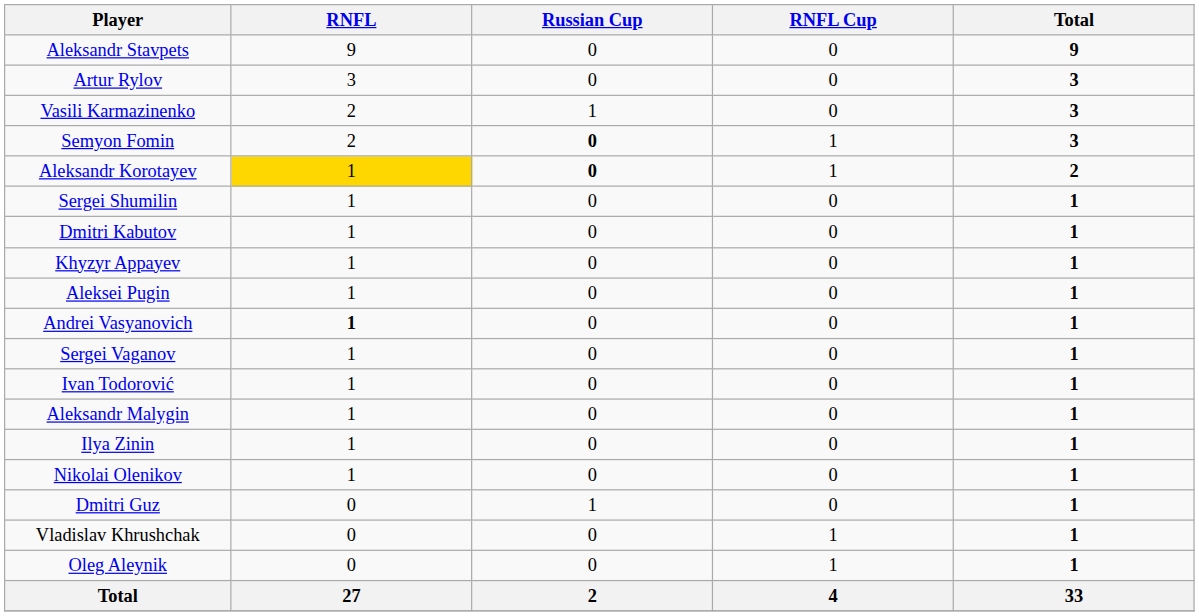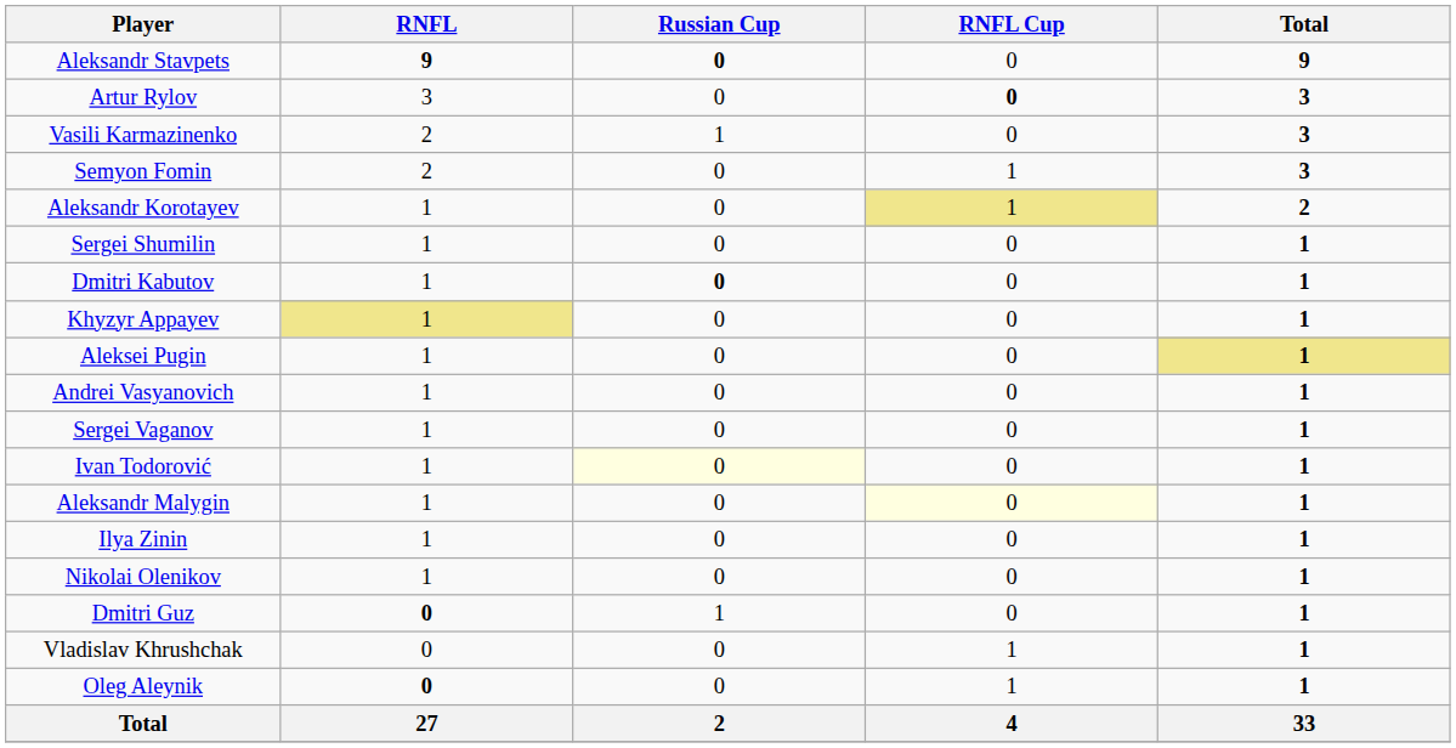 <table class="wikitable sortable" style="text-align:center; font-size:95%">
 <tr>
 <th width=180px>Player</th>
 <th width=192px><a href='#'>RNFL</a></th>
 <th width=192px><a href='#'>Russian Cup</a></th>
 <th width=192px><a href='#'>RNFL Cup</a></th>
 <th width=192px>Total</th>
 </tr>
 <tr>
 <td><a href='#'>Aleksandr Stavpets</a></td>
-<td>9</td>
-<td>0</td>
+<td><strong>9</strong></td>
+<td><strong>0</strong></td>
 <td>0</td>
 <td><strong>9</strong></td>
 </tr>
 <tr>
 <td><a href='#'>Artur Rylov</a></td>
 <td>3</td>
 <td>0</td>
-<td>0</td>
+<td><strong>0</strong></td>
 <td><strong>3</strong></td>
 </tr>
 <tr>
 <td><a href='#'>Vasili Karmazinenko</a></td>
 <td>2</td>
 <td>1</td>
 <td>0</td>
 <td><strong>3</strong></td>
 </tr>
 <tr>
 <td><a href='#'>Semyon Fomin</a></td>
 <td>2</td>
-<td><strong>0</strong></td>
+<td>0</td>
 <td>1</td>
 <td><strong>3</strong></td>
 </tr>
 <tr>
 <td><a href='#'>Aleksandr Korotayev</a></td>
-<td style="background: gold;">1</td>
-<td><strong>0</strong></td>
 <td>1</td>
+<td>0</td>
+<td style="background: khaki;">1</td>
 <td><strong>2</strong></td>
 </tr>
 <tr>
 <td><a href='#'>Sergei Shumilin</a></td>
 <td>1</td>
 <td>0</td>
 <td>0</td>
 <td><strong>1</strong></td>
 </tr>
 <tr>
 <td><a href='#'>Dmitri Kabutov</a></td>
 <td>1</td>
-<td>0</td>
+<td><strong>0</strong></td>
 <td>0</td>
 <td><strong>1</strong></td>
 </tr>
 <tr>
 <td><a href='#'>Khyzyr Appayev</a></td>
-<td>1</td>
+<td style="background: khaki;">1</td>
 <td>0</td>
 <td>0</td>
 <td><strong>1</strong></td>
 </tr>
 <tr>
 <td><a href='#'>Aleksei Pugin</a></td>
 <td>1</td>
 <td>0</td>
 <td>0</td>
-<td><strong>1</strong></td>
+<td style="background: khaki;"><strong>1</strong></td>
 </tr>
 <tr>
 <td><a href='#'>Andrei Vasyanovich</a></td>
-<td><strong>1</strong></td>
+<td>1</td>
 <td>0</td>
 <td>0</td>
 <td><strong>1</strong></td>
 </tr>
 <tr>
 <td><a href='#'>Sergei Vaganov</a></td>
 <td>1</td>
 <td>0</td>
 <td>0</td>
 <td><strong>1</strong></td>
 </tr>
 <tr>
 <td><a href='#'>Ivan Todorović</a></td>
 <td>1</td>
-<td>0</td>
+<td style="background: lightyellow;">0</td>
 <td>0</td>
 <td><strong>1</strong></td>
 </tr>
 <tr>
 <td><a href='#'>Aleksandr Malygin</a></td>
 <td>1</td>
 <td>0</td>
-<td>0</td>
+<td style="background: lightyellow;">0</td>
 <td><strong>1</strong></td>
 </tr>
 <tr>
 <td><a href='#'>Ilya Zinin</a></td>
 <td>1</td>
 <td>0</td>
 <td>0</td>
 <td><strong>1</strong></td>
 </tr>
 <tr>
 <td><a href='#'>Nikolai Olenikov</a></td>
 <td>1</td>
 <td>0</td>
 <td>0</td>
 <td><strong>1</strong></td>
 </tr>
 <tr>
 <td><a href='#'>Dmitri Guz</a></td>
-<td>0</td>
+<td><strong>0</strong></td>
 <td>1</td>
 <td>0</td>
 <td><strong>1</strong></td>
 </tr>
 <tr>
 <td>Vladislav Khrushchak</td>
 <td>0</td>
 <td>0</td>
 <td>1</td>
 <td><strong>1</strong></td>
 </tr>
 <tr>
 <td><a href='#'>Oleg Aleynik</a></td>
-<td>0</td>
+<td><strong>0</strong></td>
 <td>0</td>
 <td>1</td>
 <td><strong>1</strong></td>
 </tr>
 <tr class="sortbottom">
 <th>Total</th>
 <th>27</th>
 <th>2</th>
 <th>4</th>
 <th>33</th>
 </tr>
 <tr>
 </tr>
 </table>
